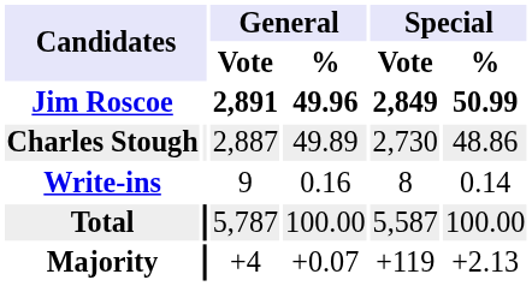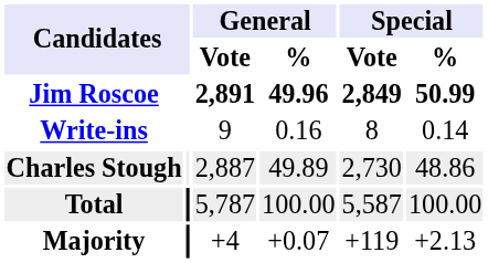 <table class="toccolours sortable" style="text-align:center;">
 <tr style="background:lavender">
 <th rowspan=2 colspan="2">Candidates</th>
 <th colspan=2>General</th>
 <th colspan=2>Special</th>
 </tr>
 <tr>
 <th align="center">Vote</th>
 <th align="center">%</th>
 <th align="center">Vote</th>
 <th align="center">%</th>
 </tr>
 <tr>
 <th><a href='#'>Jim Roscoe</a></th>
 <td style="background-color:"></td>
 <td><strong>2,891</strong></td>
 <td><strong>49.96</strong></td>
 <td><strong>2,849</strong></td>
 <td><strong>50.99</strong></td>
 </tr>
+<tr>
+<th><a href='#'>Write-ins</a></th>
+<td style="background-color:#ffffff"></td>
+<td>9</td>
+<td>0.16</td>
+<td>8</td>
+<td>0.14</td>
+</tr>
 <tr style="background:#EEEEEE;">
 <th>Charles Stough</th>
 <td style="background-color:"></td>
 <td>2,887</td>
 <td>49.89</td>
 <td>2,730</td>
 <td>48.86</td>
-</tr>
-<tr>
-<th><a href='#'>Write-ins</a></th>
-<td style="background-color:#ffffff"></td>
-<td>9</td>
-<td>0.16</td>
-<td>8</td>
-<td>0.14</td>
 </tr>
 <tr style="background:#EEEEEE;">
 <th>Total</th>
 <td style="background-color:#000000"></td>
 <td>5,787</td>
 <td>100.00</td>
 <td>5,587</td>
 <td>100.00</td>
 </tr>
 <tr>
 <th>Majority</th>
 <td style="background-color:#000000"></td>
 <td>+4</td>
 <td>+0.07</td>
 <td>+119</td>
 <td>+2.13</td>
 </tr>
 </table>
